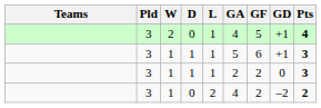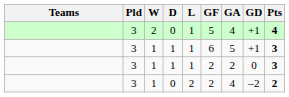 <table class="wikitable" style="text-align: center;">
 <tr>
 <th width=165>Teams</th>
 <th width=20>Pld</th>
 <th width=20>W</th>
 <th width=20>D</th>
 <th width=20>L</th>
+<th width=20>GF</th>
 <th width=20>GA</th>
-<th width=20>GF</th>
 <th width=20>GD</th>
 <th width=20>Pts</th>
 </tr>
 <tr align=center style="background:#ccffcc;">
 <td style="text-align:left;"></td>
 <td>3</td>
 <td>2</td>
 <td>0</td>
 <td>1</td>
+<td>5</td>
 <td>4</td>
-<td>5</td>
 <td>+1</td>
 <td><strong>4</strong></td>
 </tr>
 <tr align=center>
 <td style="text-align:left;"></td>
 <td>3</td>
 <td>1</td>
 <td>1</td>
 <td>1</td>
+<td>6</td>
 <td>5</td>
-<td>6</td>
 <td>+1</td>
 <td><strong>3</strong></td>
 </tr>
 <tr align=center>
 <td style="text-align:left;"></td>
 <td>3</td>
 <td>1</td>
 <td>1</td>
 <td>1</td>
 <td>2</td>
 <td>2</td>
 <td>0</td>
 <td><strong>3</strong></td>
 </tr>
 <tr align=center>
 <td style="text-align:left;"></td>
 <td>3</td>
 <td>1</td>
 <td>0</td>
 <td>2</td>
+<td>2</td>
 <td>4</td>
-<td>2</td>
 <td>–2</td>
 <td><strong>2</strong></td>
 </tr>
 </table>
